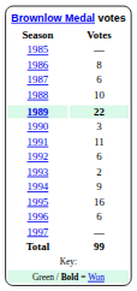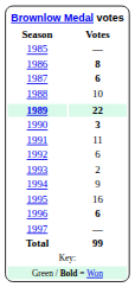 <table style="margin-right:4px; margin-top:8px; float:right; border:1px #000 solid; border-radius:8px; background:#fff; font-family:Verdana; font-size:8pt; text-align:center;">
 <tr style="background:#fff;">
 <td colspan="2;" style="padding:3px; margin-bottom:-3px; margin-top:2px; font-family:Arial; "><strong><a href='#'>Brownlow Medal</a> votes</strong></td>
 </tr>
 <tr>
 <th style="width:50%;">Season</th>
 <th style="width:50%;">Votes</th>
 </tr>
 <tr>
 <td><a href='#'>1985</a></td>
 <td>—</td>
 </tr>
 <tr>
 <td><a href='#'>1986</a></td>
-<td>8</td>
+<td><strong>8</strong></td>
 </tr>
 <tr>
 <td><a href='#'>1987</a></td>
-<td>6</td>
+<td><strong>6</strong></td>
 </tr>
 <tr>
 <td><a href='#'>1988</a></td>
 <td>10</td>
 </tr>
 <tr>
 </tr>
 <tr style="background:#D9F9E9;">
 <td><strong><a href='#'>1989</a></strong></td>
 <td><strong>22</strong></td>
 </tr>
 <tr>
 <td><a href='#'>1990</a></td>
-<td>3</td>
+<td><strong>3</strong></td>
 </tr>
 <tr>
 <td><a href='#'>1991</a></td>
 <td>11</td>
 </tr>
 <tr>
 <td><a href='#'>1992</a></td>
 <td>6</td>
 </tr>
 <tr>
 <td><a href='#'>1993</a></td>
 <td>2</td>
 </tr>
 <tr>
 <td><a href='#'>1994</a></td>
 <td>9</td>
 </tr>
 <tr>
 <td><a href='#'>1995</a></td>
 <td>16</td>
 </tr>
 <tr>
 <td><a href='#'>1996</a></td>
-<td>6</td>
+<td><strong>6</strong></td>
 </tr>
 <tr>
 <td><a href='#'>1997</a></td>
 <td>—</td>
 </tr>
 <tr>
 <td><strong>Total</strong></td>
 <td><strong>99</strong></td>
 </tr>
 <tr>
 <td colspan=2><small>Key:</small></td>
 </tr>
 <tr style="background:#d9f9e9; border:1px solid #aaa; width:2em;">
 <td colspan=2><small>Green / <strong>Bold</strong> = <a href='#'>Won</a></small></td>
 </tr>
 </table>
